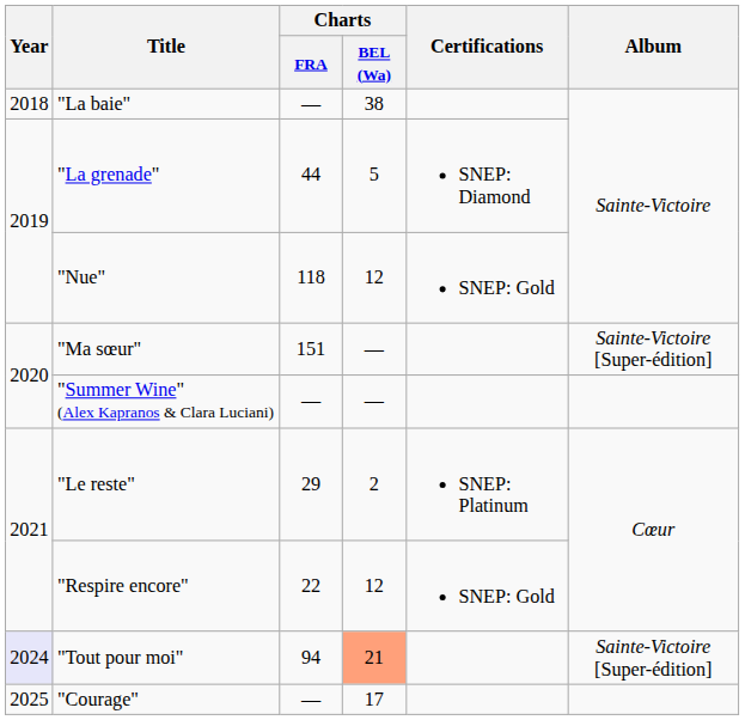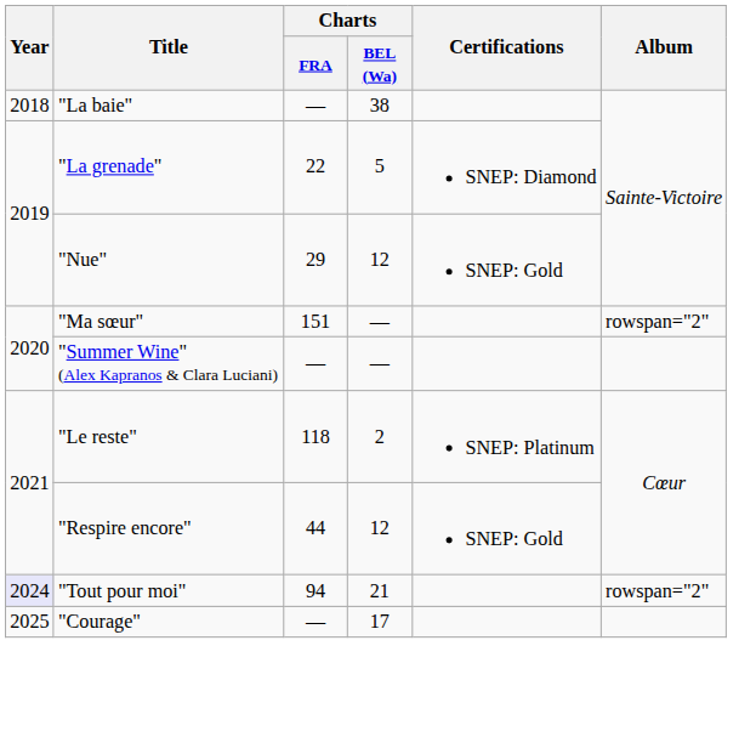 <table class="wikitable">
 <tr>
 <th scope="col" style="width:10px" rowspan="2">Year</th>
 <th scope="col" rowspan="2" style="width:180px;">Title</th>
 <th scope="col" colspan="2">Charts</th>
 <th scope="col" rowspan="2">Certifications</th>
 <th scope="col" rowspan="2">Album</th>
 </tr>
 <tr>
 <th scope="col" width="45"><small><a href='#'>FRA</a></small><br></th>
 <th scope="col" width="45"><small><a href='#'>BEL<br>(Wa)</a></small><br></th>
 </tr>
 <tr>
 <td style="text-align:center;">2018</td>
 <td>"La baie"</td>
 <td style="text-align:center;">—</td>
 <td style="text-align:center;">38</td>
 <td></td>
 <td rowspan="3" style="text-align:center;"><em>Sainte-Victoire</em></td>
 </tr>
 <tr>
 <td style="text-align:center;" rowspan=2>2019</td>
 <td>"<a href='#'>La grenade</a>"</td>
-<td style="text-align:center;">44</td>
+<td style="text-align:center;">22</td>
 <td style="text-align:center;">5</td>
 <td><br><ul><li>SNEP: Diamond</li></ul></td>
 </tr>
 <tr>
 <td>"Nue"</td>
-<td style="text-align:center;">118</td>
+<td style="text-align:center;">29</td>
 <td style="text-align:center;">12</td>
 <td><br><ul><li>SNEP: Gold</li></ul></td>
 </tr>
 <tr>
 <td style="text-align:center;"rowspan=2>2020</td>
 <td>"Ma sœur"</td>
 <td style="text-align:center;">151</td>
 <td style="text-align:center;">—</td>
 <td></td>
-<td style="text-align:center;"><em>Sainte-Victoire</em> [Super-édition]</td>
+<td>rowspan="2" </td>
 </tr>
 <tr>
 <td>"<a href='#'>Summer Wine</a>"<br><small>(<a href='#'>Alex Kapranos</a> & Clara Luciani)</small></td>
 <td style="text-align:center;">—</td>
 <td style="text-align:center;">—</td>
 <td></td>
 <td></td>
 </tr>
 <tr>
 <td style="text-align:center;" rowspan=2>2021</td>
 <td>"Le reste"</td>
-<td style="text-align:center;">29</td>
+<td style="text-align:center;">118</td>
 <td style="text-align:center;">2</td>
 <td><br><ul><li>SNEP: Platinum</li></ul></td>
 <td rowspan="2" style="text-align:center;"><em>Cœur</em></td>
 </tr>
 <tr>
 <td>"Respire encore"</td>
-<td style="text-align:center;">22</td>
+<td style="text-align:center;">44</td>
 <td style="text-align:center;">12</td>
 <td><br><ul><li>SNEP: Gold</li></ul></td>
 </tr>
 <tr>
 <td style="background: lavender; text-align:center;">2024</td>
 <td>"Tout pour moi"</td>
 <td style="text-align:center;">94</td>
-<td style="background: lightsalmon; text-align:center;">21</td>
+<td style="text-align:center;">21</td>
 <td></td>
-<td style="text-align:center;"><em>Sainte-Victoire</em> [Super-édition]</td>
+<td>rowspan="2" </td>
 </tr>
 <tr>
 <td style="text-align:center;">2025</td>
 <td>"Courage"</td>
 <td style="text-align:center;">—</td>
 <td style="text-align:center;">17</td>
 <td></td>
 </tr>
 </table>
